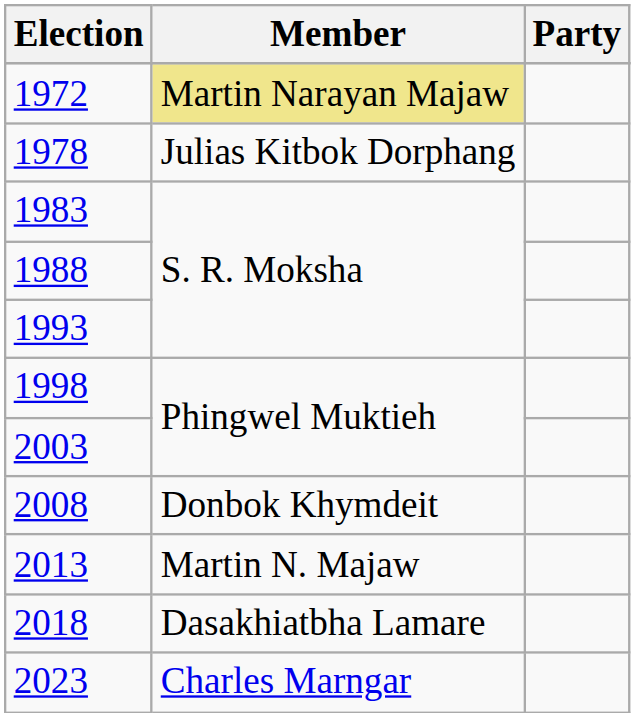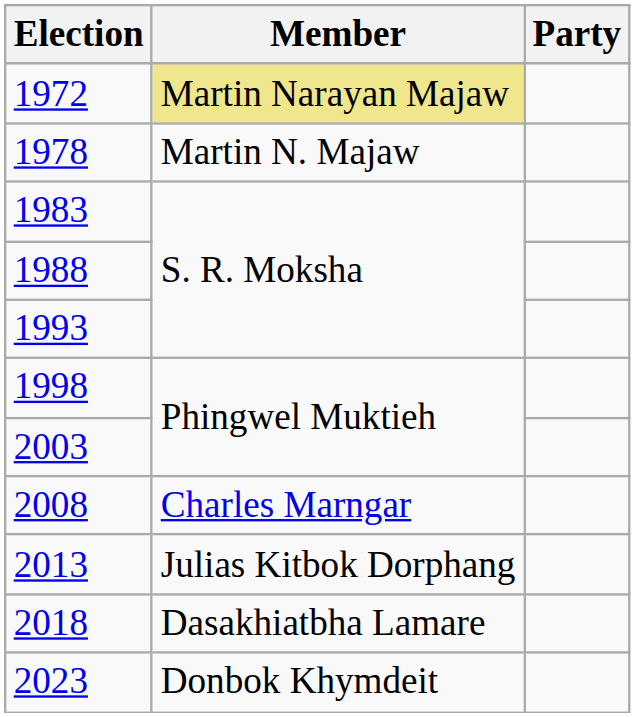 <table class="wikitable sortable">
 <tr>
 <th>Election</th>
 <th>Member</th>
 <th colspan=2>Party</th>
 </tr>
 <tr>
 </tr>
 <tr>
 <td><a href='#'>1972</a></td>
 <td style="background: khaki;">Martin Narayan Majaw</td>
 <td></td>
 </tr>
 <tr>
 <td><a href='#'>1978</a></td>
-<td>Julias Kitbok Dorphang</td>
+<td>Martin N. Majaw</td>
 </tr>
 <tr>
 <td><a href='#'>1983</a></td>
 <td rowspan=3>S. R. Moksha</td>
 <td></td>
 </tr>
 <tr>
 <td><a href='#'>1988</a></td>
 <td></td>
 </tr>
 <tr>
 <td><a href='#'>1993</a></td>
 </tr>
 <tr>
 <td><a href='#'>1998</a></td>
 <td rowspan=2>Phingwel Muktieh</td>
 <td></td>
 </tr>
 <tr>
 <td><a href='#'>2003</a></td>
 </tr>
 <tr>
 <td><a href='#'>2008</a></td>
-<td>Donbok Khymdeit</td>
+<td><a href='#'>Charles Marngar</a></td>
 <td></td>
 </tr>
 <tr>
 <td><a href='#'>2013</a></td>
-<td>Martin N. Majaw</td>
+<td>Julias Kitbok Dorphang</td>
 <td></td>
 </tr>
 <tr>
 <td><a href='#'>2018</a></td>
 <td>Dasakhiatbha Lamare</td>
 <td></td>
 </tr>
 <tr>
 <td><a href='#'>2023</a></td>
-<td><a href='#'>Charles Marngar</a></td>
+<td>Donbok Khymdeit</td>
 <td></td>
 </tr>
 </table>
